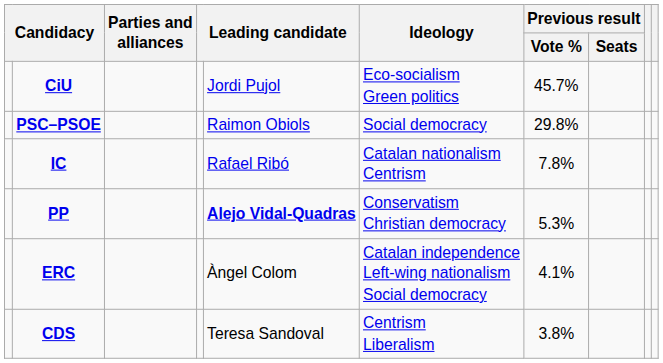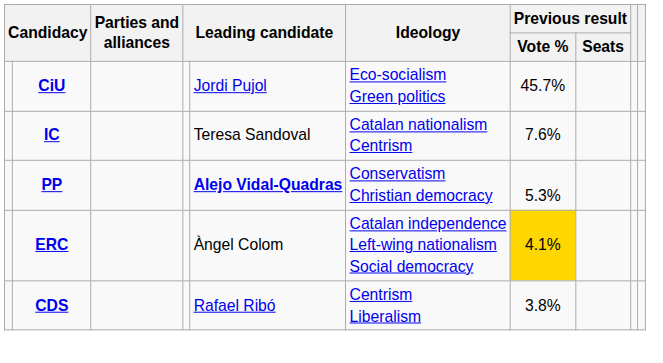 <table class="wikitable" style="line-height:1.35em; text-align:left;">
 <tr>
 <th colspan="2" rowspan="2">Candidacy</th>
 <th rowspan="2">Parties and<br>alliances</th>
 <th colspan="2" rowspan="2">Leading candidate</th>
 <th rowspan="2">Ideology</th>
 <th colspan="2">Previous result</th>
 <th rowspan="2"></th>
 <th rowspan="2"></th>
 </tr>
 <tr>
 <th>Vote %</th>
 <th>Seats</th>
 </tr>
 <tr>
 <td width="1" style="color:inherit;background:"></td>
 <td align="center"><strong><a href='#'>CiU</a></strong></td>
 <td></td>
 <td></td>
 <td><a href='#'>Jordi Pujol</a></td>
 <td><a href='#'>Eco-socialism</a><br><a href='#'>Green politics</a></td>
 <td align="center">45.7%</td>
 <td></td>
 <td></td>
 <td></td>
 </tr>
 <tr>
 <td style="color:inherit;background:"></td>
-<td align="center"><strong><a href='#'>PSC–PSOE</a></strong></td>
-<td></td>
-<td></td>
-<td><a href='#'>Raimon Obiols</a></td>
-<td><a href='#'>Social democracy</a></td>
-<td align="center">29.8%</td>
-<td></td>
-<td></td>
-<td></td>
-</tr>
-<tr>
-<td style="color:inherit;background:"></td>
 <td align="center"><strong><a href='#'>IC</a></strong></td>
 <td></td>
 <td></td>
-<td><a href='#'>Rafael Ribó</a></td>
+<td>Teresa Sandoval</td>
 <td><a href='#'>Catalan nationalism</a><br><a href='#'>Centrism</a></td>
-<td align="center">7.8%</td>
+<td align="center">7.6%</td>
 <td></td>
 <td></td>
 <td></td>
 </tr>
 <tr>
 <td style="color:inherit;background:"></td>
 <td align="center"><strong><a href='#'>PP</a></strong></td>
 <td></td>
 <td></td>
 <td><strong><a href='#'>Alejo Vidal-Quadras</a></strong></td>
 <td><a href='#'>Conservatism</a><br><a href='#'>Christian democracy</a></td>
 <td align="center"><br>5.3%<br></td>
 <td></td>
 <td></td>
 <td></td>
 </tr>
 <tr>
 <td style="color:inherit;background:"></td>
 <td align="center"><strong><a href='#'>ERC</a></strong></td>
 <td></td>
 <td></td>
 <td>Àngel Colom</td>
 <td><a href='#'>Catalan independence</a><br><a href='#'>Left-wing nationalism</a><br><a href='#'>Social democracy</a></td>
-<td align="center">4.1%</td>
+<td align="center" style="background: gold;">4.1%</td>
 <td></td>
 <td></td>
 <td></td>
 </tr>
 <tr>
 <td style="color:inherit;background:"></td>
 <td align="center"><strong><a href='#'>CDS</a></strong></td>
 <td></td>
 <td></td>
-<td>Teresa Sandoval</td>
+<td><a href='#'>Rafael Ribó</a></td>
 <td><a href='#'>Centrism</a><br><a href='#'>Liberalism</a></td>
 <td align="center">3.8%</td>
 <td></td>
 <td></td>
 <td></td>
 </tr>
 </table>
